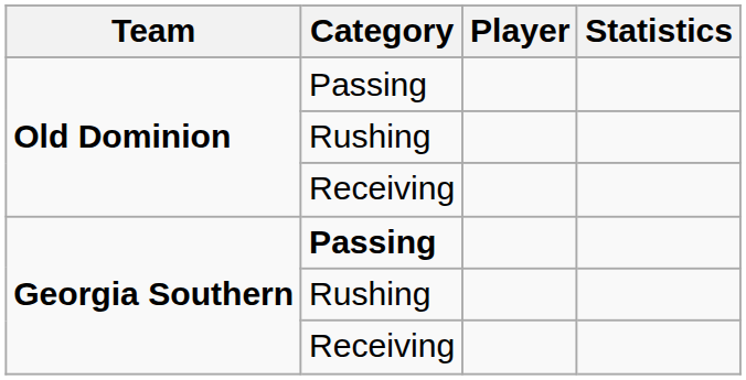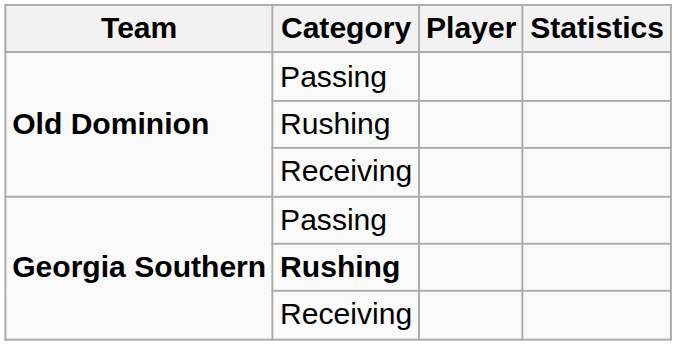 <table class="wikitable" style="float: right;">
 <tr>
 <th>Team</th>
 <th>Category</th>
 <th>Player</th>
 <th>Statistics</th>
 </tr>
 <tr>
 <td rowspan=3><strong>Old Dominion</strong></td>
 <td>Passing</td>
 <td></td>
 <td></td>
 </tr>
 <tr>
 <td>Rushing</td>
 <td></td>
 <td></td>
 </tr>
 <tr>
 <td>Receiving</td>
 <td></td>
 <td></td>
 </tr>
 <tr>
 <td rowspan=3><strong>Georgia Southern</strong></td>
-<td><strong>Passing</strong></td>
+<td>Passing</td>
 <td></td>
 <td></td>
 </tr>
 <tr>
-<td>Rushing</td>
+<td><strong>Rushing</strong></td>
 <td></td>
 <td></td>
 </tr>
 <tr>
 <td>Receiving</td>
 <td></td>
 <td></td>
 </tr>
 </table>
